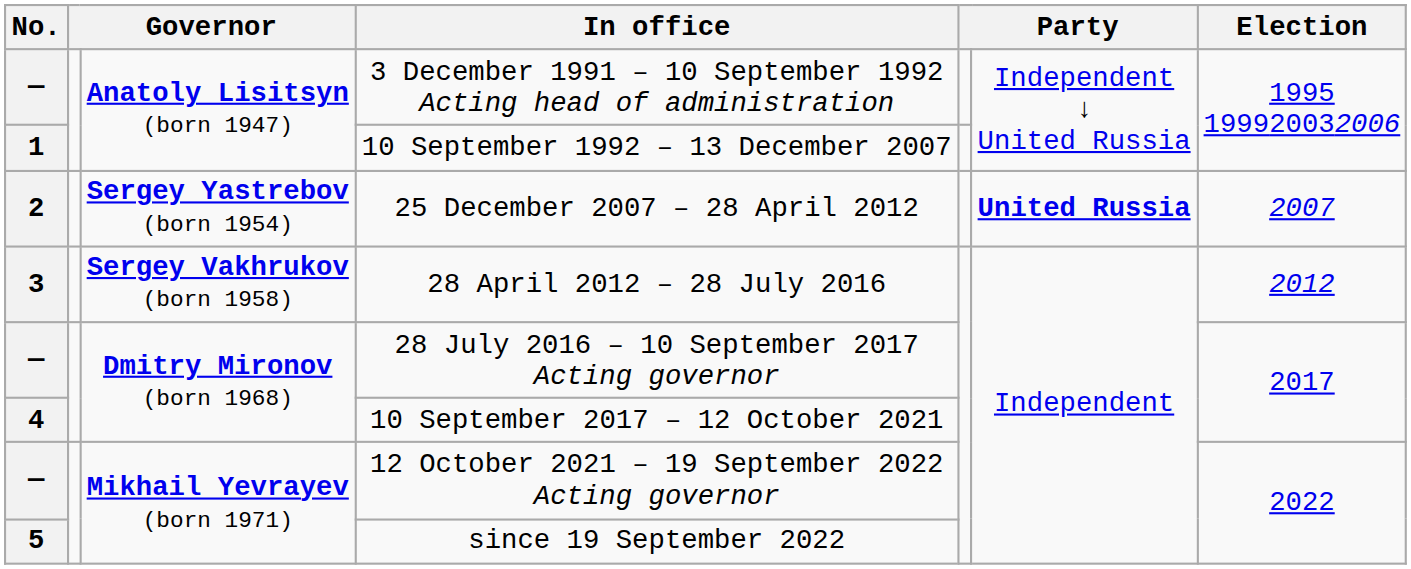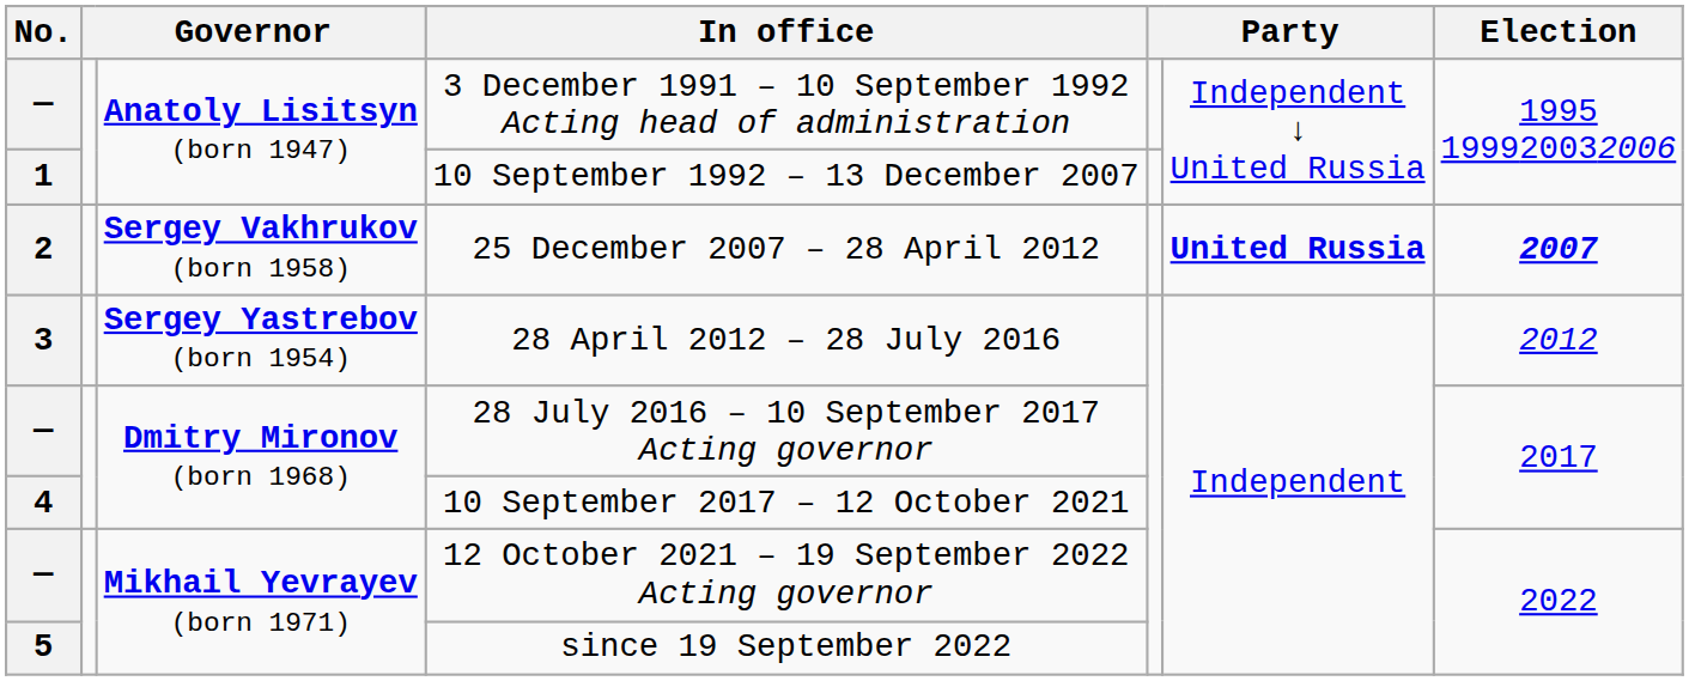 <table class="wikitable" style="text-align: center;">
 <tr>
 <th>No.</th>
 <th colspan="2">Governor</th>
 <th>In office</th>
 <th colspan=2>Party</th>
 <th>Election</th>
 </tr>
 <tr>
 <th>—</th>
 <td rowspan=2></td>
 <td rowspan=2><strong><a href='#'>Anatoly Lisitsyn</a></strong><br><small>(born 1947)</small></td>
 <td>3 December 1991 – 10 September 1992<br><em>Acting head of administration</em></td>
 <td style="background: "></td>
 <td rowspan=2><a href='#'>Independent</a><br>↓<br><a href='#'>United Russia</a></td>
 <td rowspan=2><a href='#'>1995</a><br><a href='#'>1999</a><a href='#'>2003</a><em><a href='#'>2006</a></em></td>
 </tr>
 <tr>
 <th>1</th>
 <td>10 September 1992 – 13 December 2007</td>
 <td style="background: "></td>
 </tr>
 <tr>
 <th>2</th>
 <td></td>
-<td><strong><a href='#'>Sergey Yastrebov</a></strong><br><small>(born 1954)</small></td>
+<td><strong><a href='#'>Sergey Vakhrukov</a></strong><br><small>(born 1958)</small></td>
 <td>25 December 2007 – 28 April 2012</td>
 <td style="background: "></td>
 <td><strong><a href='#'>United Russia</a></strong></td>
-<td><em><a href='#'>2007</a></em></td>
+<td><strong><em><a href='#'>2007</a></em></strong></td>
 </tr>
 <tr>
 <th>3</th>
 <td></td>
-<td><strong><a href='#'>Sergey Vakhrukov</a></strong><br><small>(born 1958)</small></td>
+<td><strong><a href='#'>Sergey Yastrebov</a></strong><br><small>(born 1954)</small></td>
 <td>28 April 2012 – 28 July 2016</td>
 <td rowspan=5; style="background: "></td>
 <td rowspan=5><a href='#'>Independent</a></td>
 <td><em><a href='#'>2012</a></em></td>
 </tr>
 <tr>
 <th>—</th>
 <td rowspan=2></td>
 <td rowspan=2><strong><a href='#'>Dmitry Mironov</a></strong><br><small>(born 1968)</small></td>
 <td>28 July 2016 – 10 September 2017<br><em>Acting governor</em></td>
 <td rowspan=2><a href='#'>2017</a></td>
 </tr>
 <tr>
 <th>4</th>
 <td>10 September 2017 – 12 October 2021</td>
 </tr>
 <tr>
 <th>—</th>
 <td rowspan=2></td>
 <td rowspan=2><strong><a href='#'>Mikhail Yevrayev</a></strong><br><small>(born 1971)</small></td>
 <td>12 October 2021 – 19 September 2022<br><em>Acting governor</em></td>
 <td rowspan=2><a href='#'>2022</a></td>
 </tr>
 <tr>
 <th>5</th>
 <td>since 19 September 2022</td>
 </tr>
 </table>
